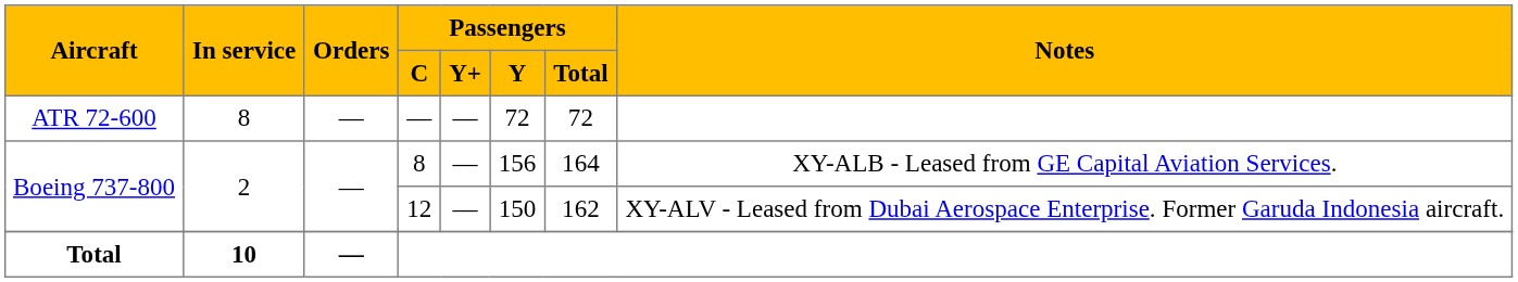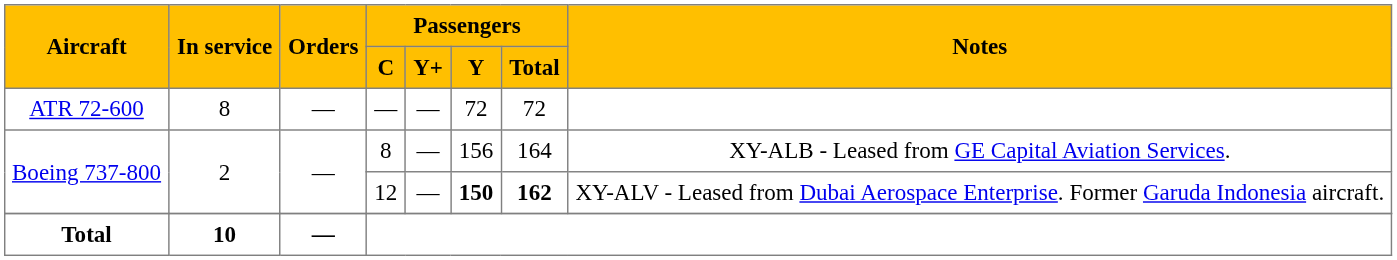 <table class="toccolours" border="1" cellpadding="5" style="border-collapse:collapse;text-align:center;margin:1em auto;">
 <tr style="background:#FFBF00;">
 <th rowspan="2"><span>Aircraft</span></th>
 <th rowspan="2"><span>In service</span></th>
 <th rowspan="2"><span>Orders</span></th>
 <th colspan="4"><span>Passengers</span></th>
 <th rowspan="2"><span>Notes</span></th>
 </tr>
 <tr style="background:#FFBF00;">
 <th><span><abbr>C</abbr></span></th>
 <th><span><abbr>Y+</abbr></span></th>
 <th><span><abbr>Y</abbr></span></th>
 <th><span>Total</span></th>
 </tr>
 <tr>
 <td><a href='#'>ATR 72-600</a></td>
 <td>8</td>
 <td>—</td>
 <td>—</td>
 <td>—</td>
 <td>72</td>
 <td>72</td>
 <td></td>
 </tr>
 <tr>
 <td rowspan="2"><a href='#'>Boeing 737-800</a></td>
 <td rowspan="2">2</td>
 <td rowspan="2">—</td>
 <td>8</td>
 <td>—</td>
 <td>156</td>
 <td>164</td>
 <td>XY-ALB - Leased from <a href='#'>GE Capital Aviation Services</a>.</td>
 </tr>
 <tr>
 <td>12</td>
 <td>—</td>
-<td>150</td>
-<td>162</td>
+<td><strong>150</strong></td>
+<td><strong>162</strong></td>
 <td>XY-ALV - Leased from <a href='#'>Dubai Aerospace Enterprise</a>. Former <a href='#'>Garuda Indonesia</a> aircraft.</td>
 </tr>
 <tr style="background:#FFBF00;">
 </tr>
 <tr>
 <th>Total</th>
 <th>10</th>
 <th>—</th>
 <th colspan="5"></th>
 </tr>
 </table>
